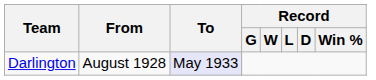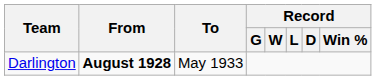 <table class="wikitable" style="text-align:left">
 <tr>
 <th rowspan="2">Team</th>
 <th rowspan="2">From</th>
 <th rowspan="2">To</th>
 <th colspan="5">Record</th>
 </tr>
 <tr>
 <th>G</th>
 <th>W</th>
 <th>L</th>
 <th>D</th>
 <th>Win %</th>
 </tr>
 <tr>
 <td><a href='#'>Darlington</a></td>
-<td>August 1928</td>
-<td style="background: lavender;">May 1933<br></td>
+<td><strong>August 1928</strong></td>
+<td>May 1933<br></td>
 </tr>
 </table>
